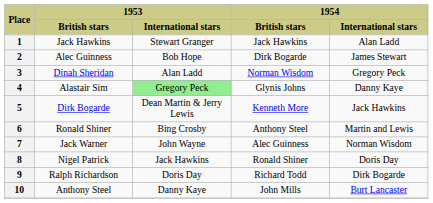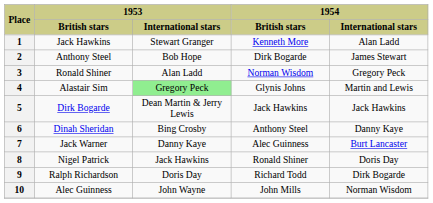 <table class="wikitable" width="80%">
 <tr>
 <th scope="col" style="background:#CC8" width="4%" rowspan="2">Place</th>
 <th style="background:#CC8" colspan="2">1953</th>
 <th style="background:#CC8" colspan="2">1954</th>
 </tr>
 <tr>
 <th style="background:#CC8" width="19%">British stars</th>
 <th style="background:#CC8" width="19%">International stars</th>
 <th style="background:#CC8" width="19%">British stars</th>
 <th style="background:#CC8" width="19%">International stars</th>
 </tr>
 <tr align="center">
 <th scope="row">1</th>
 <td>Jack Hawkins</td>
 <td>Stewart Granger</td>
-<td>Jack Hawkins</td>
+<td><a href='#'>Kenneth More</a></td>
 <td>Alan Ladd</td>
 </tr>
 <tr align="center">
 <th scope="row">2</th>
-<td>Alec Guinness</td>
+<td>Anthony Steel</td>
 <td>Bob Hope</td>
 <td>Dirk Bogarde</td>
 <td>James Stewart</td>
 </tr>
 <tr align="center">
 <th scope="row">3</th>
-<td><a href='#'>Dinah Sheridan</a></td>
+<td>Ronald Shiner</td>
 <td>Alan Ladd</td>
 <td><a href='#'>Norman Wisdom</a></td>
 <td>Gregory Peck</td>
 </tr>
 <tr align="center">
 <th scope="row">4</th>
 <td>Alastair Sim</td>
 <td style="background: lightgreen;">Gregory Peck</td>
 <td>Glynis Johns</td>
-<td>Danny Kaye</td>
+<td>Martin and Lewis</td>
 </tr>
 <tr align="center">
 <th scope="row">5</th>
 <td><a href='#'>Dirk Bogarde</a></td>
 <td>Dean Martin & Jerry Lewis</td>
-<td><a href='#'>Kenneth More</a></td>
+<td>Jack Hawkins</td>
 <td>Jack Hawkins</td>
 </tr>
 <tr align="center">
 <th scope="row">6</th>
-<td>Ronald Shiner</td>
+<td><a href='#'>Dinah Sheridan</a></td>
 <td>Bing Crosby</td>
 <td>Anthony Steel</td>
-<td>Martin and Lewis</td>
+<td>Danny Kaye</td>
 </tr>
 <tr align="center">
 <th scope="row">7</th>
 <td>Jack Warner</td>
-<td>John Wayne</td>
+<td>Danny Kaye</td>
 <td>Alec Guinness</td>
-<td>Norman Wisdom</td>
+<td><a href='#'>Burt Lancaster</a></td>
 </tr>
 <tr align="center">
 <th scope="row">8</th>
 <td>Nigel Patrick</td>
 <td>Jack Hawkins</td>
 <td>Ronald Shiner</td>
 <td>Doris Day</td>
 </tr>
 <tr align="center">
 <th scope="row">9</th>
 <td>Ralph Richardson</td>
 <td>Doris Day</td>
 <td>Richard Todd</td>
 <td>Dirk Bogarde</td>
 </tr>
 <tr align="center">
 <th scope="row">10</th>
-<td>Anthony Steel</td>
-<td>Danny Kaye</td>
+<td>Alec Guinness</td>
+<td>John Wayne</td>
 <td>John Mills</td>
-<td><a href='#'>Burt Lancaster</a></td>
+<td>Norman Wisdom</td>
 </tr>
 <tr align="center">
 </tr>
 </table>
